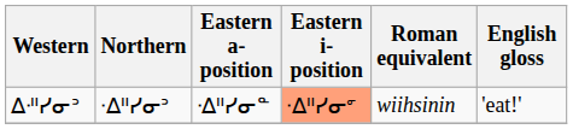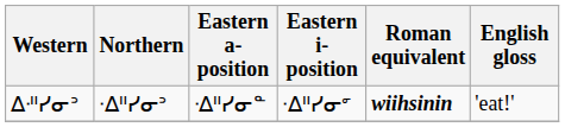 <table class="wikitable" align="center">
 <tr>
 <th width = "60"><strong>Western</strong></th>
 <th width = "50"><strong>Northern</strong></th>
 <th width = "60"><strong>Eastern<br>a-position</strong></th>
 <th width = "60"><strong>Eastern<br>i-position</strong></th>
 <th width = "60"><strong>Roman equivalent</strong></th>
 <th width = "60"><strong>English gloss</strong></th>
 </tr>
 <tr>
 <td>ᐃᐧᐦᓯᓂᐣ</td>
 <td>ᐧᐃᐦᓯᓂᐣ</td>
 <td>ᐧᐃᐦᓯᓂᓐ</td>
-<td style="background: lightsalmon;">ᐧᐃᐦᓯᓂᣙ</td>
-<td><em>wiihsinin</em></td>
+<td>ᐧᐃᐦᓯᓂᣙ</td>
+<td><strong><em>wiihsinin</em></strong></td>
 <td>'eat!'</td>
 </tr>
 <tr>
 </tr>
 </table>
